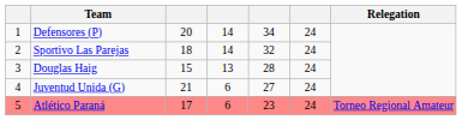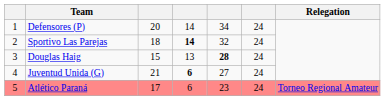 <table class="wikitable" style="text-align: center;">
 <tr>
 <th width=28><br></th>
 <th width=180>Team</th>
 <th width=50></th>
 <th width=50></th>
 <th width=50></th>
 <th width=50></th>
 <th width=120>Relegation</th>
 </tr>
 <tr>
 <td>1</td>
 <td align="left"><a href='#'>Defensores (P)</a></td>
 <td>20</td>
 <td>14</td>
 <td>34</td>
 <td>24</td>
 <td rowspan=4></td>
 </tr>
 <tr>
 <td>2</td>
 <td align="left"><a href='#'>Sportivo Las Parejas</a></td>
 <td>18</td>
-<td>14</td>
+<td><strong>14</strong></td>
 <td>32</td>
 <td>24</td>
 </tr>
 <tr>
 <td>3</td>
 <td align="left"><a href='#'>Douglas Haig</a></td>
 <td>15</td>
 <td>13</td>
-<td>28</td>
+<td><strong>28</strong></td>
 <td>24</td>
 </tr>
 <tr>
 <td>4</td>
 <td align="left"><a href='#'>Juventud Unida (G)</a></td>
 <td>21</td>
-<td>6</td>
+<td><strong>6</strong></td>
 <td>27</td>
 <td>24</td>
 </tr>
 <tr bgcolor=#FF8888>
 <td>5</td>
 <td align="left"><a href='#'>Atlético Paraná</a></td>
 <td>17</td>
 <td>6</td>
 <td>23</td>
 <td>24</td>
 <td><a href='#'>Torneo Regional Amateur</a></td>
 </tr>
 </table>
